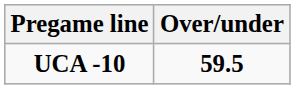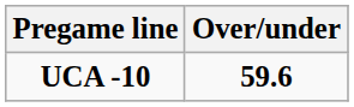 <table class="wikitable">
 <tr align="center">
 <th>Pregame line</th>
 <th>Over/under</th>
 </tr>
 <tr align="center">
 <td><strong>UCA -10</strong></td>
-<td><strong>59.5</strong></td>
+<td><strong>59.6</strong></td>
 </tr>
 </table>
